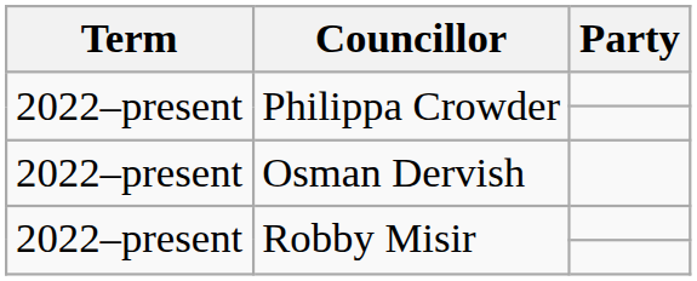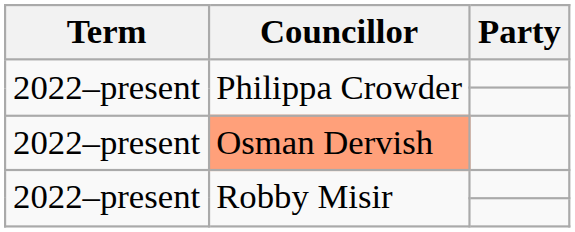 <table class="wikitable">
 <tr>
 <th>Term</th>
 <th>Councillor</th>
 <th colspan=2>Party</th>
 </tr>
 <tr>
 <td rowspan=2>2022–present</td>
 <td rowspan=2>Philippa Crowder</td>
 <td></td>
 </tr>
 <tr>
 <td></td>
 </tr>
 <tr>
 <td>2022–present</td>
-<td>Osman Dervish</td>
+<td style="background: lightsalmon;">Osman Dervish</td>
 <td></td>
 </tr>
 <tr>
 <td rowspan=2>2022–present</td>
 <td rowspan=2>Robby Misir</td>
 <td></td>
 </tr>
 <tr>
 <td></td>
 </tr>
 </table>
